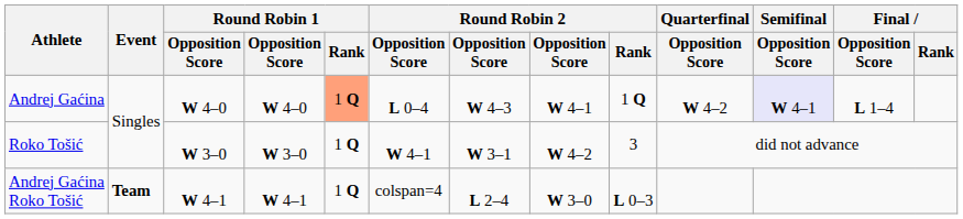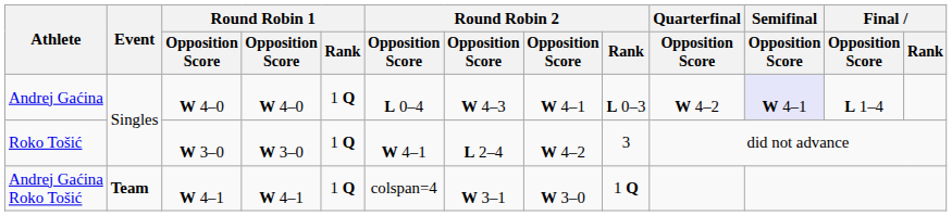 <table class=wikitable style="font-size:90%">
 <tr>
 <th rowspan=2>Athlete</th>
 <th rowspan=2>Event</th>
 <th colspan=3>Round Robin 1</th>
 <th colspan=4>Round Robin 2</th>
 <th>Quarterfinal</th>
 <th>Semifinal</th>
 <th colspan=2>Final / </th>
 </tr>
 <tr style="font-size:95%">
 <th>Opposition<br>Score</th>
 <th>Opposition<br>Score</th>
 <th>Rank</th>
 <th>Opposition<br>Score</th>
 <th>Opposition<br>Score</th>
 <th>Opposition<br>Score</th>
 <th>Rank</th>
 <th>Opposition<br>Score</th>
 <th>Opposition<br>Score</th>
 <th>Opposition<br>Score</th>
 <th>Rank</th>
 </tr>
 <tr align=center>
 <td align=left><a href='#'>Andrej Gaćina</a></td>
 <td align=left rowspan=2>Singles</td>
 <td><br><strong>W</strong> 4–0</td>
 <td><br><strong>W</strong> 4–0</td>
-<td style="background: lightsalmon;">1 <strong>Q</strong></td>
+<td>1 <strong>Q</strong></td>
 <td><br><strong>L</strong> 0–4</td>
 <td><br><strong>W</strong> 4–3</td>
 <td><br><strong>W</strong> 4–1</td>
-<td>1 <strong>Q</strong></td>
+<td><br><strong>L</strong> 0–3</td>
 <td><br><strong>W</strong> 4–2</td>
 <td style="background: lavender;"><br><strong>W</strong> 4–1</td>
 <td><br><strong>L</strong> 1–4</td>
 <td></td>
 </tr>
 <tr align=center>
 <td align=left><a href='#'>Roko Tošić</a></td>
 <td><br><strong>W</strong> 3–0</td>
 <td><br><strong>W</strong> 3–0</td>
 <td>1 <strong>Q</strong></td>
 <td><br><strong>W</strong> 4–1</td>
-<td><br><strong>W</strong> 3–1</td>
+<td><br><strong>L</strong> 2–4</td>
 <td><br><strong>W</strong> 4–2</td>
 <td>3</td>
 <td colspan=4>did not advance</td>
 </tr>
 <tr align=center>
 <td align=left><a href='#'>Andrej Gaćina</a><br><a href='#'>Roko Tošić</a></td>
 <td align=left><strong>Team</strong></td>
 <td><br><strong>W</strong> 4–1</td>
 <td><br><strong>W</strong> 4–1</td>
 <td>1 <strong>Q</strong></td>
 <td>colspan=4 </td>
-<td><br><strong>L</strong> 2–4</td>
+<td><br><strong>W</strong> 3–1</td>
 <td><br><strong>W</strong> 3–0</td>
-<td><br><strong>L</strong> 0–3</td>
+<td>1 <strong>Q</strong></td>
 <td></td>
 </tr>
 </table>
